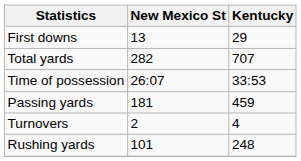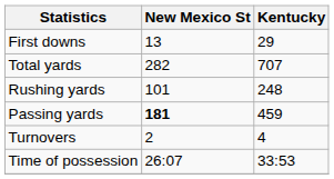 <table class="wikitable" style="float: left;">
 <tr>
 <th>Statistics</th>
 <th>New Mexico St</th>
 <th>Kentucky</th>
 </tr>
 <tr>
 <td>First downs</td>
 <td>13</td>
 <td>29</td>
 </tr>
 <tr>
 <td>Total yards</td>
 <td>282</td>
 <td>707</td>
 </tr>
 <tr>
-<td>Time of possession</td>
-<td>26:07</td>
-<td>33:53</td>
+<td>Rushing yards</td>
+<td>101</td>
+<td>248</td>
 </tr>
 <tr>
 <td>Passing yards</td>
-<td>181</td>
+<td><strong>181</strong></td>
 <td>459</td>
 </tr>
 <tr>
 <td>Turnovers</td>
 <td>2</td>
 <td>4</td>
 </tr>
 <tr>
-<td>Rushing yards</td>
-<td>101</td>
-<td>248</td>
+<td>Time of possession</td>
+<td>26:07</td>
+<td>33:53</td>
 </tr>
 <tr>
 </tr>
 </table>
